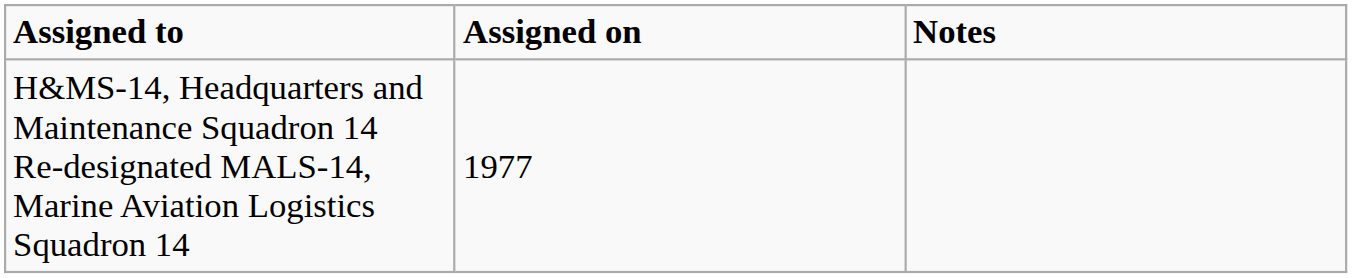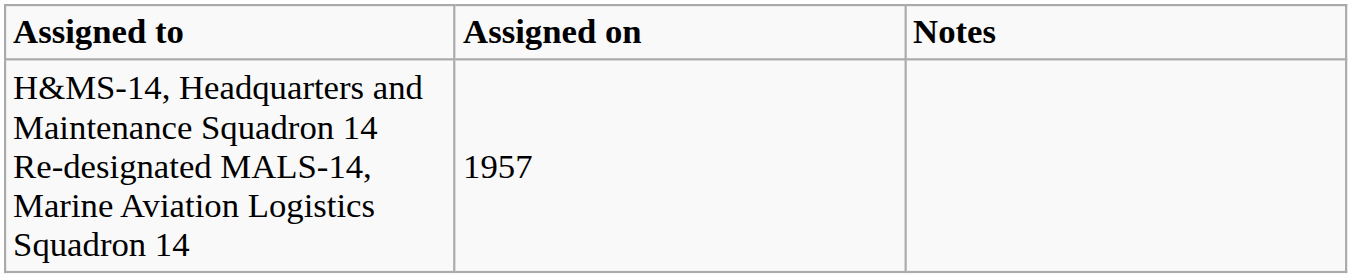 <table class="wikitable" style="width: 70%;">
 <tr>
 <td style="width: 200px;"><strong>Assigned to</strong></td>
 <td style="width: 200px;"><strong>Assigned on</strong></td>
 <td><strong>Notes</strong></td>
 </tr>
 <tr>
 <td>H&MS-14, Headquarters and Maintenance Squadron 14<br>Re-designated MALS-14, Marine Aviation Logistics Squadron 14</td>
-<td>1977</td>
+<td>1957</td>
 <td></td>
 </tr>
 </table>
